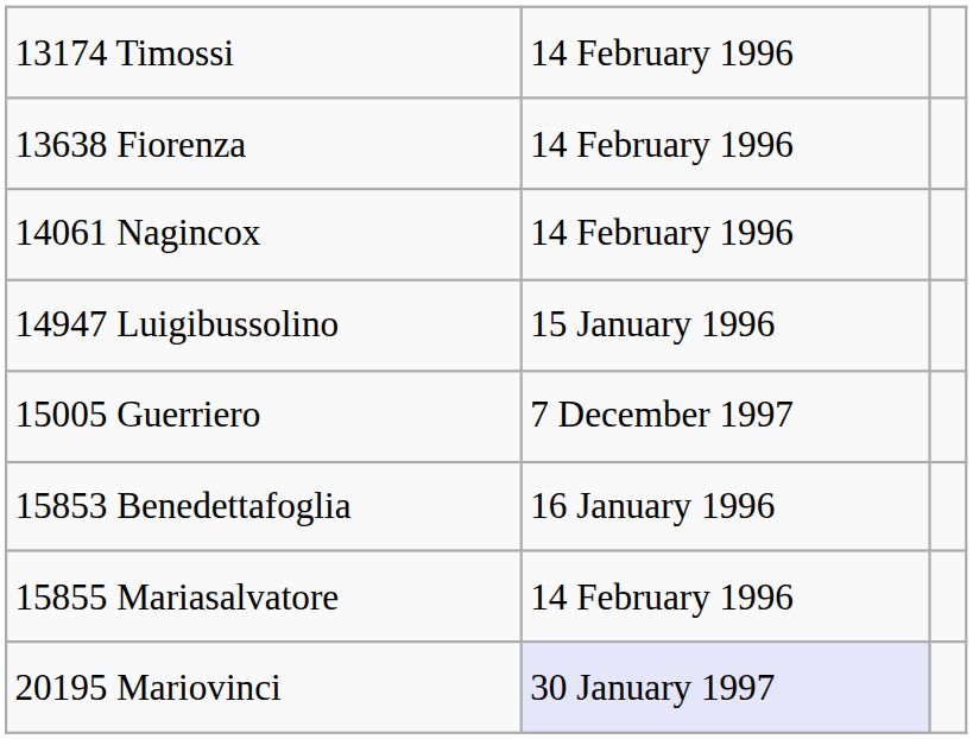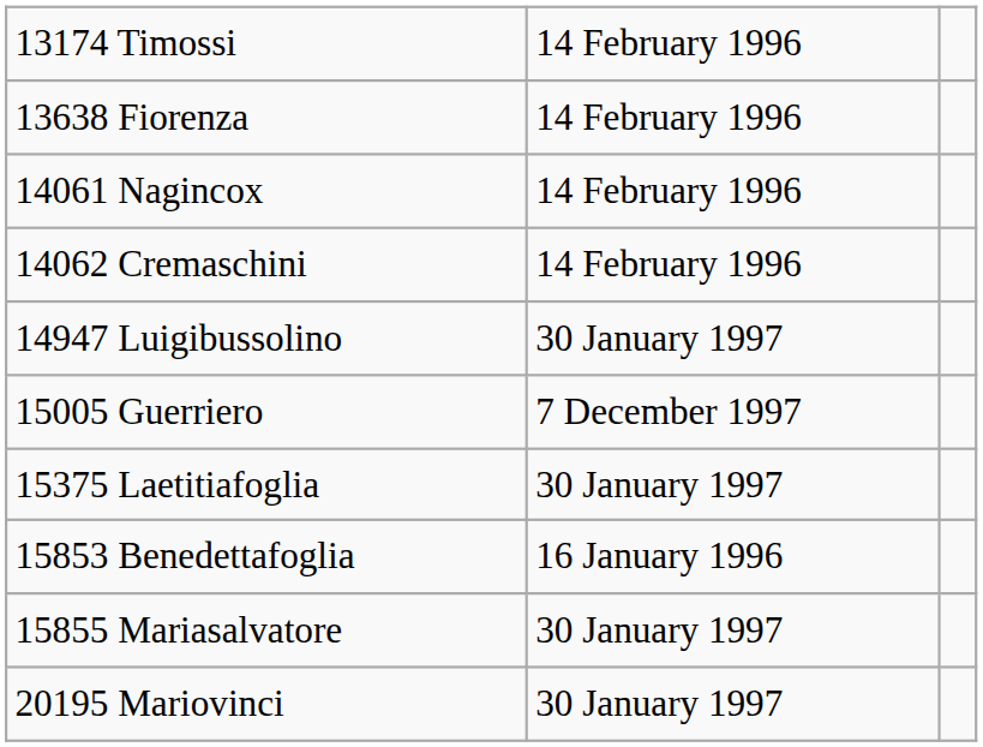 <table class="wikitable" style="font-size: 89%; float: left; width: 26em; margin-right: 1em; height: 280px;">
 <tr>
 <td>13174 Timossi</td>
 <td>14 February 1996</td>
 <td> </td>
 </tr>
 <tr>
 <td>13638 Fiorenza</td>
 <td>14 February 1996</td>
 <td> </td>
 </tr>
 <tr>
 <td>14061 Nagincox</td>
 <td>14 February 1996</td>
 <td> </td>
 </tr>
 <tr>
+<td>14062 Cremaschini</td>
+<td>14 February 1996</td>
+<td> </td>
+</tr>
+<tr>
 <td>14947 Luigibussolino</td>
-<td>15 January 1996</td>
+<td>30 January 1997</td>
 <td> </td>
 </tr>
 <tr>
 <td>15005 Guerriero</td>
 <td>7 December 1997</td>
+<td> </td>
+</tr>
+<tr>
+<td>15375 Laetitiafoglia</td>
+<td>30 January 1997</td>
 <td> </td>
 </tr>
 <tr>
 <td>15853 Benedettafoglia</td>
 <td>16 January 1996</td>
 <td> </td>
 </tr>
 <tr>
 <td>15855 Mariasalvatore</td>
-<td>14 February 1996</td>
+<td>30 January 1997</td>
 <td> </td>
 </tr>
 <tr>
 <td>20195 Mariovinci</td>
-<td style="background: lavender;">30 January 1997</td>
+<td>30 January 1997</td>
 <td> </td>
 </tr>
 </table>
